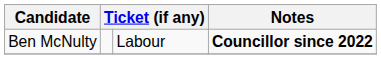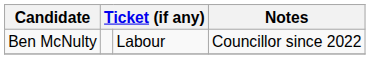 <table class="wikitable" style="font-size: 95%">
 <tr>
 <th>Candidate</th>
 <th colspan=2><a href='#'>Ticket</a> (if any)</th>
 <th>Notes</th>
 </tr>
 <tr>
 <td>Ben McNulty</td>
 <td style="background-color:"></td>
 <td>Labour</td>
-<td><strong>Councillor since 2022</strong></td>
+<td>Councillor since 2022</td>
 </tr>
 <tr>
 </tr>
 </table>
